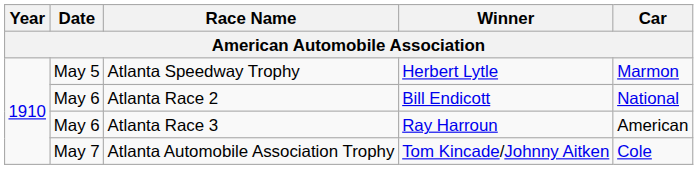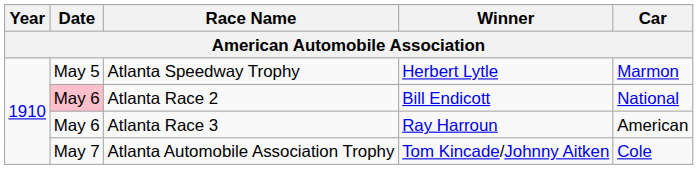 <table class="wikitable" style="font-size: 95%;">
 <tr>
 <th>Year</th>
 <th>Date</th>
 <th>Race Name</th>
 <th>Winner</th>
 <th>Car</th>
 </tr>
 <tr>
 <th colspan=5>American Automobile Association</th>
 </tr>
 <tr>
 <td rowspan=4><a href='#'>1910</a></td>
 <td>May 5</td>
 <td>Atlanta Speedway Trophy</td>
 <td><a href='#'>Herbert Lytle</a></td>
 <td><a href='#'>Marmon</a></td>
 </tr>
 <tr>
-<td>May 6</td>
+<td style="background: pink;">May 6</td>
 <td>Atlanta Race 2</td>
 <td><a href='#'>Bill Endicott</a></td>
 <td><a href='#'>National</a></td>
 </tr>
 <tr>
 <td>May 6</td>
 <td>Atlanta Race 3</td>
 <td><a href='#'>Ray Harroun</a></td>
 <td>American</td>
 </tr>
 <tr>
 <td>May 7</td>
 <td>Atlanta Automobile Association Trophy</td>
 <td><a href='#'>Tom Kincade</a>/<a href='#'>Johnny Aitken</a></td>
 <td><a href='#'>Cole</a></td>
 </tr>
 </table>
